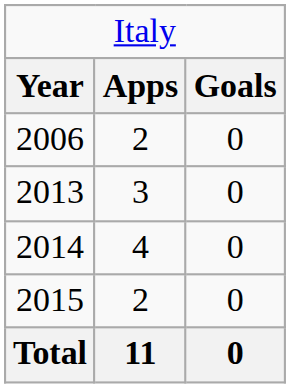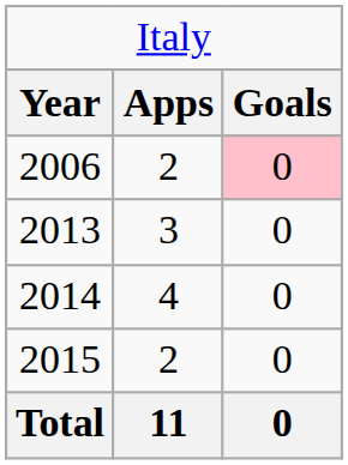 <table class="wikitable" style="text-align:center">
 <tr>
 <td colspan=3><a href='#'>Italy</a></td>
 </tr>
 <tr>
 <th>Year</th>
 <th>Apps</th>
 <th>Goals</th>
 </tr>
 <tr>
 <td>2006</td>
 <td>2</td>
-<td>0</td>
+<td style="background: pink;">0</td>
 </tr>
 <tr>
 <td>2013</td>
 <td>3</td>
 <td>0</td>
 </tr>
 <tr>
 <td>2014</td>
 <td>4</td>
 <td>0</td>
 </tr>
 <tr>
 <td>2015</td>
 <td>2</td>
 <td>0</td>
 </tr>
 <tr>
 <th>Total</th>
 <th>11</th>
 <th>0</th>
 </tr>
 </table>
